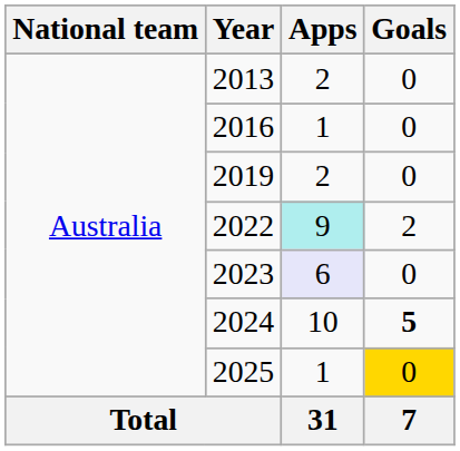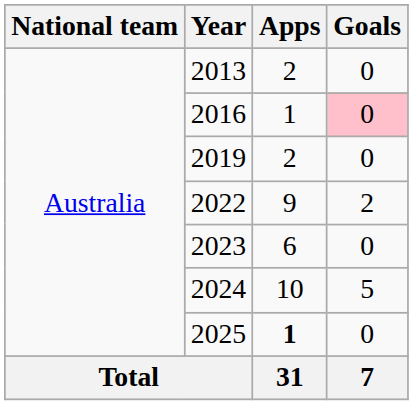 <table class="wikitable" style="text-align:center">
 <tr>
 <th>National team</th>
 <th>Year</th>
 <th>Apps</th>
 <th>Goals</th>
 </tr>
 <tr>
 <td rowspan="7"><a href='#'>Australia</a></td>
 <td>2013</td>
 <td>2</td>
 <td>0</td>
 </tr>
 <tr>
 <td>2016</td>
 <td>1</td>
-<td>0</td>
+<td style="background: pink;">0</td>
 </tr>
 <tr>
 <td>2019</td>
 <td>2</td>
 <td>0</td>
 </tr>
 <tr>
 <td>2022</td>
-<td style="background: paleturquoise;">9</td>
+<td>9</td>
 <td>2</td>
 </tr>
 <tr>
 <td>2023</td>
-<td style="background: lavender;">6</td>
+<td>6</td>
 <td>0</td>
 </tr>
 <tr>
 <td>2024</td>
 <td>10</td>
-<td><strong>5</strong></td>
+<td>5</td>
 </tr>
 <tr>
 <td>2025</td>
-<td>1</td>
-<td style="background: gold;">0</td>
+<td><strong>1</strong></td>
+<td>0</td>
 </tr>
 <tr>
 <th colspan="2">Total</th>
 <th>31</th>
 <th>7</th>
 </tr>
 </table>
